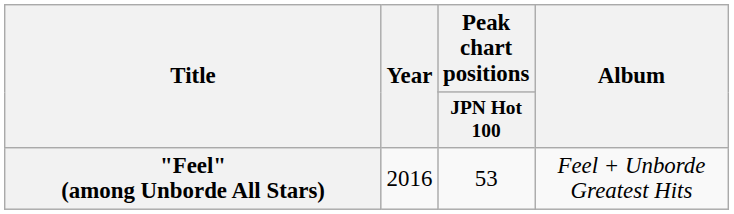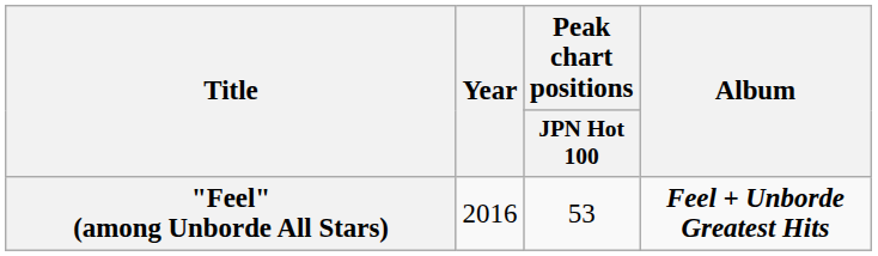 <table class="wikitable plainrowheaders" style="text-align:center;">
 <tr>
 <th scope="col" rowspan="2" style="width:16em;">Title</th>
 <th scope="col" rowspan="2" style="width:2em;">Year</th>
 <th scope="col" colspan="1">Peak chart positions</th>
 <th scope="col" rowspan="2" style="width:8em;">Album</th>
 </tr>
 <tr>
 <th style="width:3em;font-size:85%">JPN Hot 100<br></th>
 </tr>
 <tr>
 <th scope="row">"Feel"<br><span>(among Unborde All Stars)</span></th>
 <td>2016</td>
 <td>53</td>
-<td><em>Feel + Unborde Greatest Hits</em></td>
+<td><strong><em>Feel + Unborde Greatest Hits</em></strong></td>
 </tr>
 </table>
